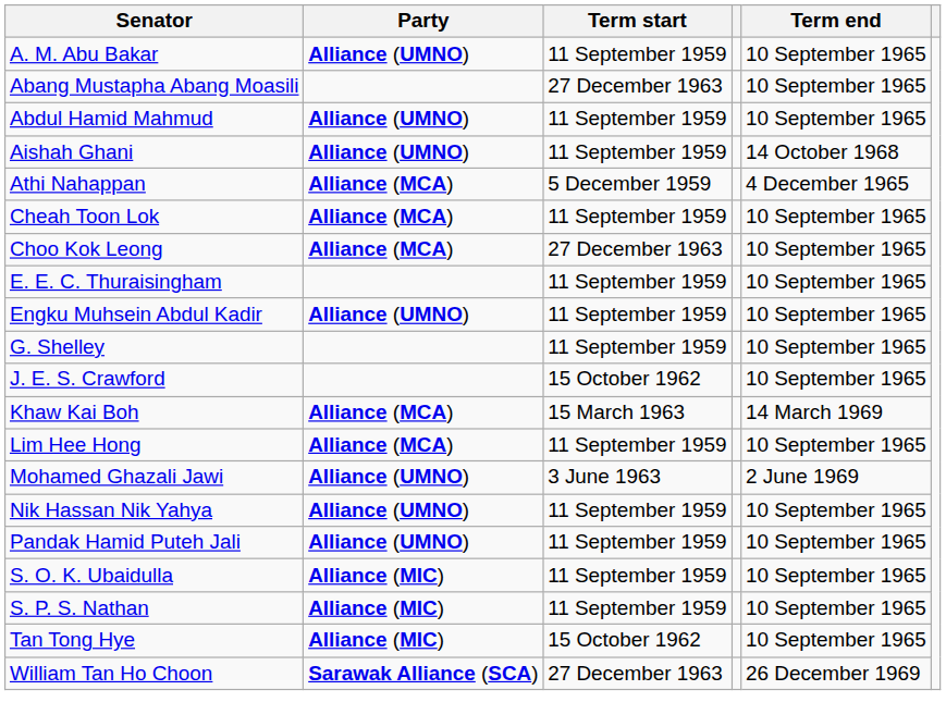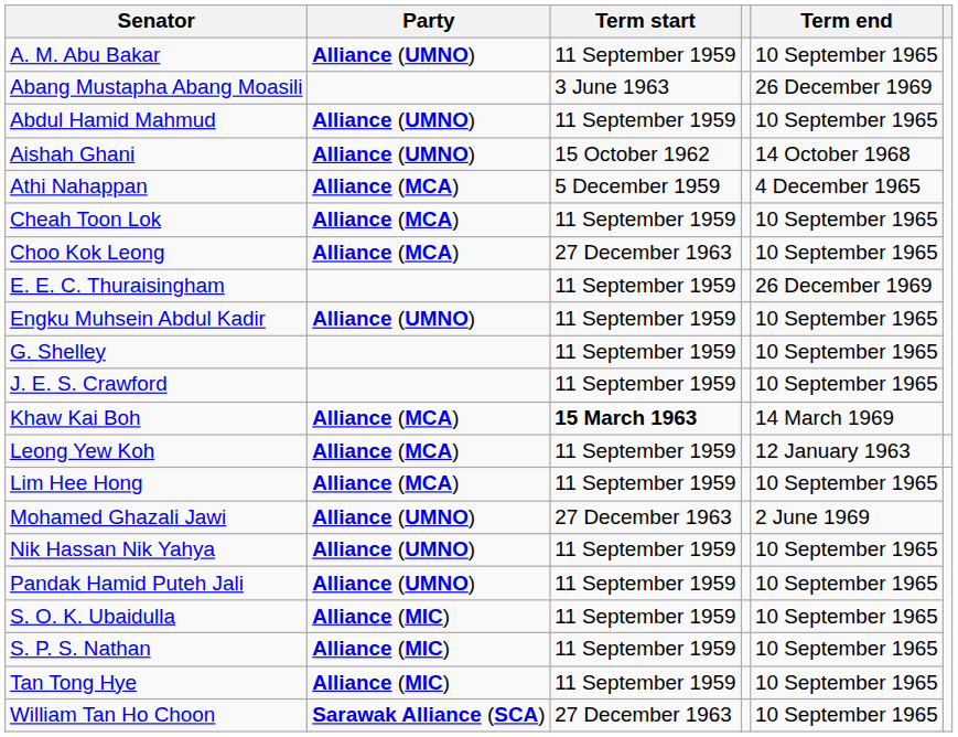 <table class="wikitable sortable">
 <tr>
 <th>Senator</th>
 <th>Party</th>
 <th>Term start</th>
 <th></th>
 <th>Term end</th>
 <th></th>
 </tr>
 <tr>
 <td><a href='#'>A. M. Abu Bakar</a></td>
 <td><strong><a href='#'>Alliance</a></strong> (<strong><a href='#'>UMNO</a></strong>)</td>
 <td>11 September 1959</td>
 <td></td>
 <td>10 September 1965</td>
 </tr>
 <tr>
 <td><a href='#'>Abang Mustapha Abang Moasili</a></td>
 <td></td>
-<td>27 December 1963</td>
+<td>3 June 1963</td>
 <td></td>
-<td>10 September 1965</td>
+<td>26 December 1969</td>
 </tr>
 <tr>
 <td><a href='#'>Abdul Hamid Mahmud</a></td>
 <td><strong><a href='#'>Alliance</a></strong> (<strong><a href='#'>UMNO</a></strong>)</td>
 <td>11 September 1959</td>
 <td></td>
 <td>10 September 1965</td>
 </tr>
 <tr>
 <td><a href='#'>Aishah Ghani</a></td>
 <td><strong><a href='#'>Alliance</a></strong> (<strong><a href='#'>UMNO</a></strong>)</td>
-<td>11 September 1959</td>
+<td>15 October 1962</td>
 <td></td>
 <td>14 October 1968</td>
 </tr>
 <tr>
 <td><a href='#'>Athi Nahappan</a></td>
 <td><strong><a href='#'>Alliance</a></strong> (<strong><a href='#'>MCA</a></strong>)</td>
 <td>5 December 1959</td>
 <td></td>
 <td>4 December 1965</td>
 </tr>
 <tr>
 <td><a href='#'>Cheah Toon Lok</a></td>
 <td><strong><a href='#'>Alliance</a></strong> (<strong><a href='#'>MCA</a></strong>)</td>
 <td>11 September 1959</td>
 <td></td>
 <td>10 September 1965</td>
 </tr>
 <tr>
 <td><a href='#'>Choo Kok Leong</a></td>
 <td><strong><a href='#'>Alliance</a></strong> (<strong><a href='#'>MCA</a></strong>)</td>
 <td>27 December 1963</td>
 <td></td>
 <td>10 September 1965</td>
 </tr>
 <tr>
 <td><a href='#'>E. E. C. Thuraisingham</a></td>
 <td></td>
 <td>11 September 1959</td>
 <td></td>
-<td>10 September 1965</td>
+<td>26 December 1969</td>
 </tr>
 <tr>
 <td><a href='#'>Engku Muhsein Abdul Kadir</a></td>
 <td><strong><a href='#'>Alliance</a></strong> (<strong><a href='#'>UMNO</a></strong>)</td>
 <td>11 September 1959</td>
 <td></td>
 <td>10 September 1965</td>
 </tr>
 <tr>
 <td><a href='#'>G. Shelley</a></td>
 <td></td>
 <td>11 September 1959</td>
 <td></td>
 <td>10 September 1965</td>
 </tr>
 <tr>
 <td><a href='#'>J. E. S. Crawford</a></td>
 <td></td>
-<td>15 October 1962</td>
+<td>11 September 1959</td>
 <td></td>
 <td>10 September 1965</td>
 </tr>
 <tr>
 <td><a href='#'>Khaw Kai Boh</a></td>
 <td><strong><a href='#'>Alliance</a></strong> (<strong><a href='#'>MCA</a></strong>)</td>
-<td>15 March 1963</td>
+<td><strong>15 March 1963</strong></td>
 <td></td>
 <td>14 March 1969</td>
+</tr>
+<tr>
+<td><a href='#'>Leong Yew Koh</a></td>
+<td><strong><a href='#'>Alliance</a></strong> (<strong><a href='#'>MCA</a></strong>)</td>
+<td>11 September 1959</td>
+<td></td>
+<td>12 January 1963</td>
+<td></td>
 </tr>
 <tr>
 <td><a href='#'>Lim Hee Hong</a></td>
 <td><strong><a href='#'>Alliance</a></strong> (<strong><a href='#'>MCA</a></strong>)</td>
 <td>11 September 1959</td>
 <td></td>
 <td>10 September 1965</td>
 </tr>
 <tr>
 <td><a href='#'>Mohamed Ghazali Jawi</a></td>
 <td><strong><a href='#'>Alliance</a></strong> (<strong><a href='#'>UMNO</a></strong>)</td>
-<td>3 June 1963</td>
+<td>27 December 1963</td>
 <td></td>
 <td>2 June 1969</td>
 </tr>
 <tr>
 <td><a href='#'>Nik Hassan Nik Yahya</a></td>
 <td><strong><a href='#'>Alliance</a></strong> (<strong><a href='#'>UMNO</a></strong>)</td>
 <td>11 September 1959</td>
 <td></td>
 <td>10 September 1965</td>
 </tr>
 <tr>
 <td><a href='#'>Pandak Hamid Puteh Jali</a></td>
 <td><strong><a href='#'>Alliance</a></strong> (<strong><a href='#'>UMNO</a></strong>)</td>
 <td>11 September 1959</td>
 <td></td>
 <td>10 September 1965</td>
 </tr>
 <tr>
 <td><a href='#'>S. O. K. Ubaidulla</a></td>
 <td><strong><a href='#'>Alliance</a></strong> (<strong><a href='#'>MIC</a></strong>)</td>
 <td>11 September 1959</td>
 <td></td>
 <td>10 September 1965</td>
 </tr>
 <tr>
 <td><a href='#'>S. P. S. Nathan</a></td>
 <td><strong><a href='#'>Alliance</a></strong> (<strong><a href='#'>MIC</a></strong>)</td>
 <td>11 September 1959</td>
 <td></td>
 <td>10 September 1965</td>
 </tr>
 <tr>
 <td><a href='#'>Tan Tong Hye</a></td>
 <td><strong><a href='#'>Alliance</a></strong> (<strong><a href='#'>MIC</a></strong>)</td>
-<td>15 October 1962</td>
+<td>11 September 1959</td>
 <td></td>
 <td>10 September 1965</td>
 </tr>
 <tr>
 <td><a href='#'>William Tan Ho Choon</a></td>
 <td><strong><a href='#'>Sarawak Alliance</a></strong> (<strong><a href='#'>SCA</a></strong>)</td>
 <td>27 December 1963</td>
 <td></td>
-<td>26 December 1969</td>
+<td>10 September 1965</td>
 </tr>
 </table>
